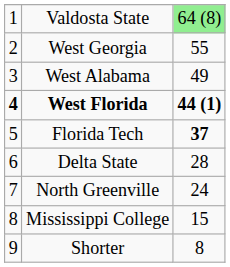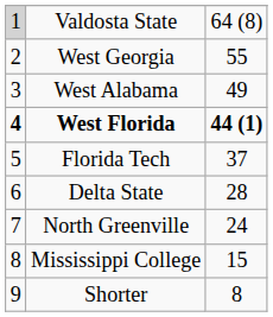 <table class="wikitable">
 <tr align="center">
 </tr>
 <tr align="center">
-<td>1</td>
+<td style="background: lightgrey;">1</td>
 <td>Valdosta State</td>
-<td style="background: lightgreen;">64 (8)</td>
+<td>64 (8)</td>
 </tr>
 <tr align="center">
 <td>2</td>
 <td>West Georgia</td>
 <td>55</td>
 </tr>
 <tr align="center">
 <td>3</td>
 <td>West Alabama</td>
 <td>49</td>
 </tr>
 <tr align="center">
 <td><strong>4</strong></td>
 <td><strong>West Florida</strong></td>
 <td><strong>44 (1)</strong></td>
 </tr>
 <tr align="center">
 <td>5</td>
 <td>Florida Tech</td>
-<td><strong>37</strong></td>
+<td>37</td>
 </tr>
 <tr align="center">
 <td>6</td>
 <td>Delta State</td>
 <td>28</td>
 </tr>
 <tr align="center">
 <td>7</td>
 <td>North Greenville</td>
 <td>24</td>
 </tr>
 <tr align="center">
 <td>8</td>
 <td>Mississippi College</td>
 <td>15</td>
 </tr>
 <tr align="center">
 <td>9</td>
 <td>Shorter</td>
 <td>8</td>
 </tr>
 </table>
